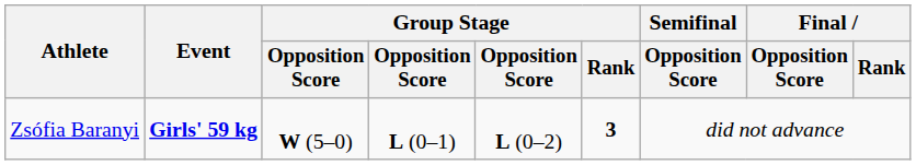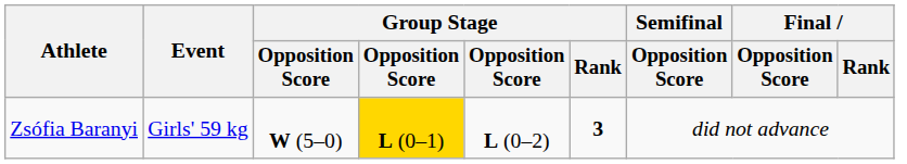 <table class="wikitable" style="font-size:90%">
 <tr>
 <th rowspan=2>Athlete</th>
 <th rowspan=2>Event</th>
 <th colspan=4>Group Stage</th>
 <th colspan=1>Semifinal</th>
 <th colspan=2>Final / </th>
 </tr>
 <tr style="font-size:95%">
 <th>Opposition<br>Score</th>
 <th>Opposition<br>Score</th>
 <th>Opposition<br>Score</th>
 <th>Rank</th>
 <th>Opposition<br>Score</th>
 <th>Opposition<br>Score</th>
 <th>Rank</th>
 </tr>
 <tr align=center>
 <td align=left><a href='#'>Zsófia Baranyi</a></td>
-<td align=left><strong><a href='#'>Girls' 59 kg</a></strong></td>
+<td align=left><a href='#'>Girls' 59 kg</a></td>
 <td><br><strong>W</strong> (5–0)</td>
-<td><br><strong>L</strong> (0–1)</td>
+<td style="background: gold;"><br><strong>L</strong> (0–1)</td>
 <td><br><strong>L</strong> (0–2)</td>
 <td><strong>3</strong></td>
 <td colspan=3><em>did not advance</em></td>
 </tr>
 </table>
